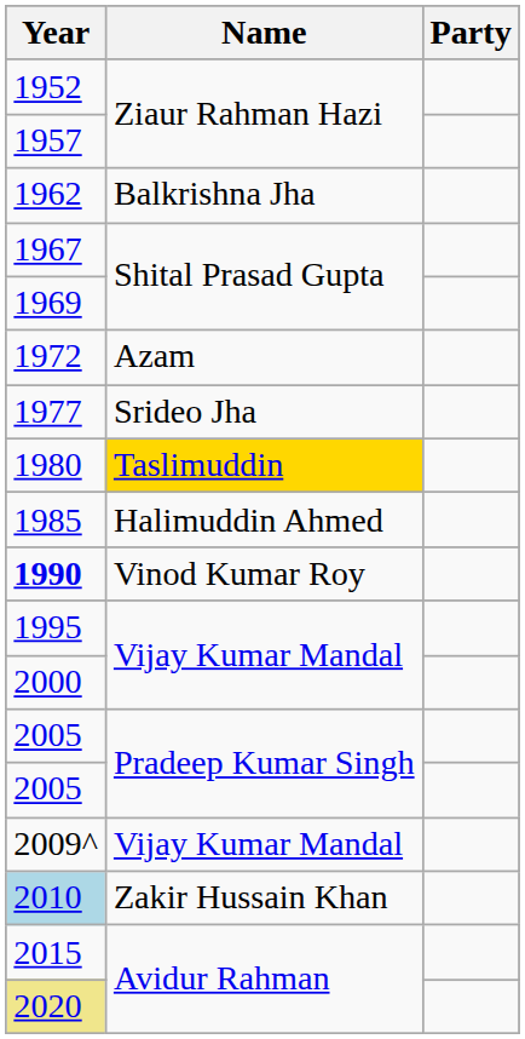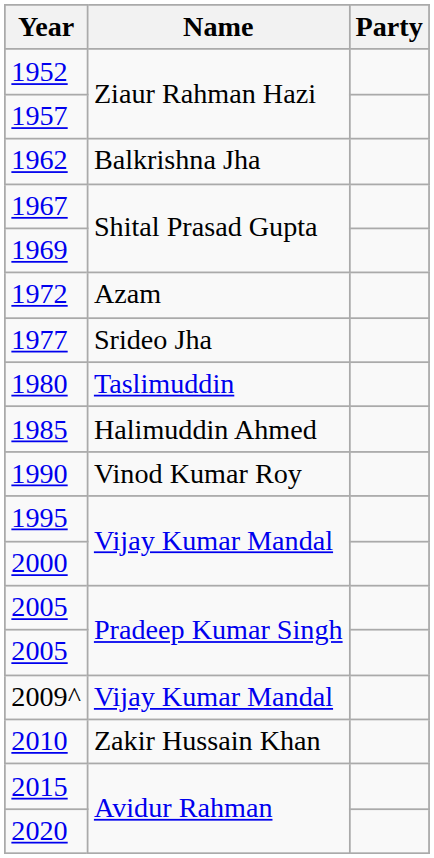 <table class="wikitable sortable">
 <tr>
 <th>Year</th>
 <th>Name</th>
 <th colspan="2">Party</th>
 </tr>
 <tr>
 <td><a href='#'>1952</a></td>
 <td rowspan="2">Ziaur Rahman Hazi</td>
 <td></td>
 </tr>
 <tr>
 <td><a href='#'>1957</a></td>
 <td></td>
 </tr>
 <tr>
 <td><a href='#'>1962</a></td>
 <td>Balkrishna Jha</td>
 <td></td>
 </tr>
 <tr>
 <td><a href='#'>1967</a></td>
 <td rowspan="2">Shital Prasad Gupta</td>
 <td></td>
 </tr>
 <tr>
 <td><a href='#'>1969</a></td>
 </tr>
 <tr>
 <td><a href='#'>1972</a></td>
 <td>Azam</td>
 <td></td>
 </tr>
 <tr>
 <td><a href='#'>1977</a></td>
 <td>Srideo Jha</td>
 <td></td>
 </tr>
 <tr>
 <td><a href='#'>1980</a></td>
-<td style="background: gold;"><a href='#'>Taslimuddin</a></td>
+<td><a href='#'>Taslimuddin</a></td>
 <td></td>
 </tr>
 <tr>
 <td><a href='#'>1985</a></td>
 <td>Halimuddin Ahmed</td>
 <td></td>
 </tr>
 <tr>
-<td><strong><a href='#'>1990</a></strong></td>
+<td><a href='#'>1990</a></td>
 <td>Vinod Kumar Roy</td>
 <td></td>
 </tr>
 <tr>
 <td><a href='#'>1995</a></td>
 <td rowspan="2"><a href='#'>Vijay Kumar Mandal</a></td>
 <td></td>
 </tr>
 <tr>
 <td><a href='#'>2000</a></td>
 <td></td>
 </tr>
 <tr>
 <td><a href='#'>2005</a></td>
 <td rowspan="2"><a href='#'>Pradeep Kumar Singh</a></td>
 <td></td>
 </tr>
 <tr>
 <td><a href='#'>2005</a></td>
 </tr>
 <tr>
 <td>2009^</td>
 <td><a href='#'>Vijay Kumar Mandal</a></td>
 <td></td>
 </tr>
 <tr>
-<td style="background: lightblue;"><a href='#'>2010</a></td>
+<td><a href='#'>2010</a></td>
 <td>Zakir Hussain Khan</td>
 </tr>
 <tr>
 <td><a href='#'>2015</a></td>
 <td rowspan="2"><a href='#'>Avidur Rahman</a></td>
 <td></td>
 </tr>
 <tr>
-<td style="background: khaki;"><a href='#'>2020</a></td>
+<td><a href='#'>2020</a></td>
 </tr>
 </table>
